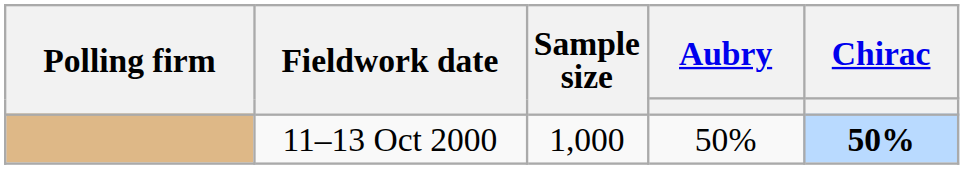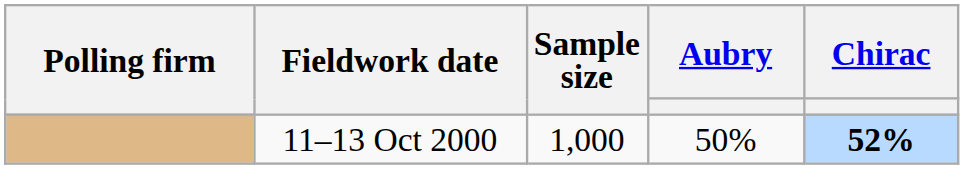 <table class="wikitable sortable" style="text-align:center;font-size:90%;line-height:14px;">
 <tr style="height:40px;">
 <th style="width:100px;" rowspan="2">Polling firm</th>
 <th style="width:110px;" rowspan="2">Fieldwork date</th>
 <th style="width:35px;" rowspan="2">Sample<br>size</th>
 <th class="unsortable" style="width:60px;"><a href='#'>Aubry</a><br></th>
 <th class="unsortable" style="width:60px;"><a href='#'>Chirac</a><br></th>
 </tr>
 <tr>
 <th style="background:"></th>
 <th style="background:"></th>
 </tr>
 <tr>
 <td style="background:burlywood;"></td>
 <td data-sort-value="2000-10-13">11–13 Oct 2000</td>
 <td>1,000</td>
 <td>50%</td>
-<td style="background:#B9DAFF;"><strong>50%</strong></td>
+<td style="background:#B9DAFF;"><strong>52%</strong></td>
 </tr>
 </table>
